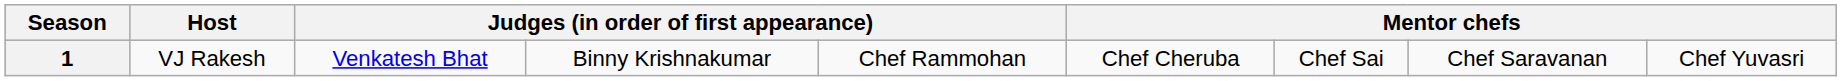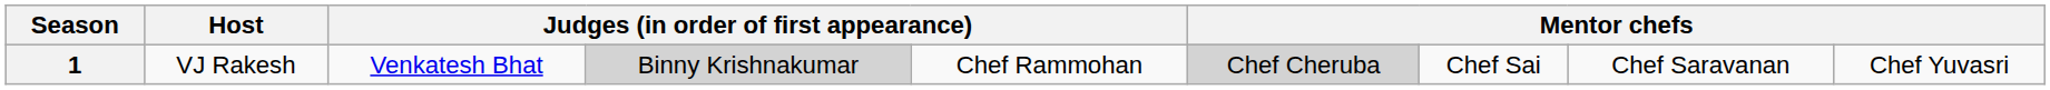 <table class="wikitable" style="margin-left:auto;margin-right:auto;border:none;text-align:center;font-size:90%;width: 60%;">
 <tr>
 <th scope="col">Season</th>
 <th scope="col">Host</th>
 <th scope="colgroup" colspan="3">Judges (in order of first appearance)</th>
 <th scope="colgroup" colspan="4">Mentor chefs</th>
 </tr>
 <tr>
 <th scope="row">1</th>
 <td>VJ Rakesh</td>
 <td><a href='#'>Venkatesh Bhat</a></td>
-<td>Binny Krishnakumar</td>
+<td style="background: lightgrey;">Binny Krishnakumar</td>
 <td>Chef Rammohan</td>
-<td>Chef Cheruba</td>
+<td style="background: lightgrey;">Chef Cheruba</td>
 <td>Chef Sai</td>
 <td>Chef Saravanan</td>
 <td>Chef Yuvasri</td>
 </tr>
 </table>
